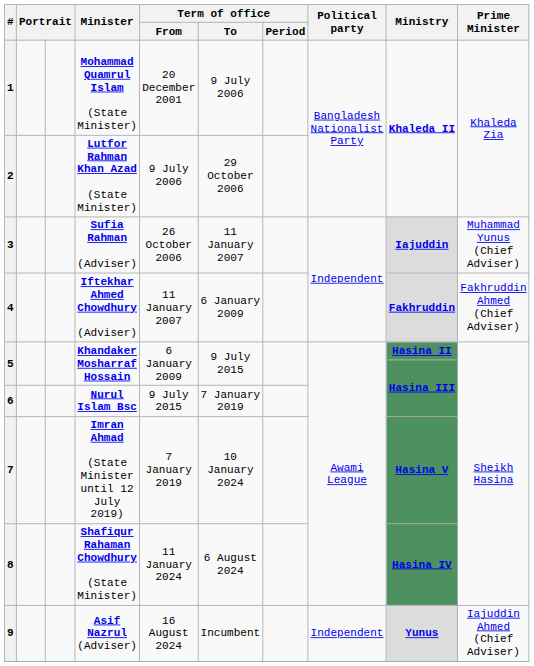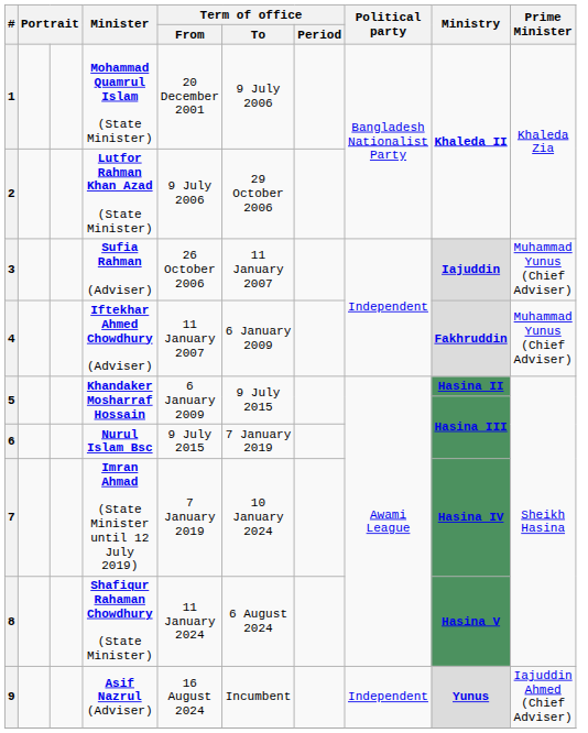 <table class="wikitable" style="text-align:center">
 <tr>
 <th rowspan="2">#</th>
 <th rowspan="2" colspan="2">Portrait</th>
 <th rowspan="2" style="width:17em">Minister<br></th>
 <th colspan="3">Term of office</th>
 <th rowspan="2" style="width:8em">Political party</th>
 <th rowspan="2">Ministry</th>
 <th rowspan="2" style="width:9em">Prime Minister</th>
 </tr>
 <tr>
 <th style="width:7em">From</th>
 <th style="width:7em">To</th>
 <th style="width:7em">Period</th>
 </tr>
 <tr>
 <th>1</th>
 <td></td>
 <td></td>
 <td><br><strong><a href='#'>Mohammad Quamrul Islam</a></strong><br><br>(State Minister)</td>
 <td>20 December<br>2001</td>
 <td>9 July<br>2006</td>
 <td><strong></strong></td>
 <td rowspan="2"><a href='#'>Bangladesh Nationalist Party</a></td>
 <td rowspan="2"><strong><a href='#'>Khaleda II</a></strong></td>
 <td rowspan="2"><a href='#'>Khaleda Zia</a></td>
 </tr>
 <tr>
 <th>2</th>
 <td></td>
 <td></td>
 <td><strong><a href='#'>Lutfor Rahman Khan Azad</a></strong><br><br>(State Minister)</td>
 <td>9 July<br>2006</td>
 <td>29 October<br>2006</td>
 <td><strong></strong></td>
 </tr>
 <tr>
 <th>3</th>
 <td></td>
 <td></td>
 <td><strong><a href='#'>Sufia Rahman</a></strong><br><br>(Adviser)</td>
 <td>26 October<br>2006</td>
 <td>11 January<br>2007</td>
 <td><strong></strong></td>
 <td rowspan="2"><a href='#'>Independent</a></td>
 <td style="background:#DCDCDC"><strong><a href='#'>Iajuddin</a></strong><br></td>
 <td><a href='#'>Muhammad Yunus</a><br>(Chief Adviser)</td>
 </tr>
 <tr>
 <th>4</th>
 <td></td>
 <td></td>
 <td><strong><a href='#'>Iftekhar Ahmed Chowdhury</a></strong><br><br>(Adviser)</td>
 <td>11 January<br>2007</td>
 <td>6 January<br>2009</td>
 <td><strong></strong></td>
 <td style="background:#DCDCDC"><strong><a href='#'>Fakhruddin</a></strong><br></td>
-<td><a href='#'>Fakhruddin Ahmed</a><br>(Chief Adviser)</td>
+<td><a href='#'>Muhammad Yunus</a><br>(Chief Adviser)</td>
 </tr>
 <tr>
 <th rowspan="2">5</th>
 <td rowspan="2"></td>
 <td rowspan="2"></td>
 <td rowspan="2"><strong><a href='#'>Khandaker Mosharraf Hossain</a></strong><br></td>
 <td rowspan="2">6 January<br>2009</td>
 <td rowspan="2">9 July<br>2015</td>
 <td rowspan="2"><strong></strong></td>
 <td rowspan="5"><a href='#'>Awami League</a></td>
 <td style="background:#4C915F"><strong><a href='#'>Hasina II</a></strong></td>
 <td rowspan="5"><a href='#'>Sheikh Hasina</a></td>
 </tr>
 <tr>
 <td rowspan="2" style="background:#4C915F"><strong><a href='#'>Hasina III</a></strong></td>
 </tr>
 <tr>
 <th>6</th>
 <td></td>
 <td></td>
 <td><strong><a href='#'>Nurul Islam Bsc</a></strong><br></td>
 <td>9 July<br>2015</td>
 <td>7 January<br>2019</td>
 <td><strong></strong></td>
 </tr>
 <tr>
 <th>7</th>
 <td></td>
 <td></td>
 <td><strong><a href='#'>Imran Ahmad</a></strong><br><br>(State Minister until 12 July 2019)</td>
 <td>7 January<br>2019</td>
 <td>10 January<br>2024</td>
 <td><strong></strong></td>
-<td style="background:#4C915F"><strong><a href='#'>Hasina V</a></strong></td>
+<td style="background:#4C915F"><strong><a href='#'>Hasina IV</a></strong></td>
 </tr>
 <tr>
 <th>8</th>
 <td></td>
 <td></td>
 <td><strong><a href='#'>Shafiqur Rahaman Chowdhury</a></strong><br><br>(State Minister)</td>
 <td>11 January<br>2024</td>
 <td>6 August 2024</td>
 <td><strong></strong></td>
-<td style="background:#4C915F"><strong><a href='#'>Hasina IV</a></strong></td>
+<td style="background:#4C915F"><strong><a href='#'>Hasina V</a></strong></td>
 </tr>
 <tr>
 <th>9</th>
 <td></td>
 <td></td>
 <td><strong><a href='#'>Asif Nazrul</a></strong><br> (Adviser)</td>
 <td>16 August 2024</td>
 <td>Incumbent</td>
 <td><strong></strong></td>
 <td><a href='#'>Independent</a></td>
 <td style="background:#DCDCDC"><strong><a href='#'>Yunus</a></strong><br></td>
 <td><a href='#'>Iajuddin Ahmed</a><br>(Chief Adviser)</td>
 </tr>
 <tr>
 </tr>
 </table>
